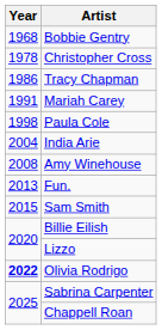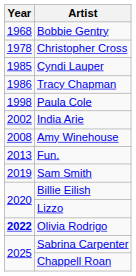 <table class="wikitable" style="text-align: center; cellpadding: 2;">
 <tr>
 <th>Year</th>
 <th>Artist</th>
 </tr>
 <tr>
 <td><a href='#'>1968</a></td>
 <td style="text-align: left;"><a href='#'>Bobbie Gentry</a></td>
 </tr>
 <tr>
 <td><a href='#'>1978</a></td>
 <td style="text-align: left;"><a href='#'>Christopher Cross</a></td>
 </tr>
 <tr>
+<td><a href='#'>1985</a></td>
+<td style="text-align: left;"><a href='#'>Cyndi Lauper</a></td>
+</tr>
+<tr>
 <td><a href='#'>1986</a></td>
 <td style="text-align: left;"><a href='#'>Tracy Chapman</a></td>
-</tr>
-<tr>
-<td><a href='#'>1991</a></td>
-<td style="text-align: left;"><a href='#'>Mariah Carey</a></td>
 </tr>
 <tr>
 <td><a href='#'>1998</a></td>
 <td style="text-align: left;"><a href='#'>Paula Cole</a></td>
 </tr>
 <tr>
-<td><a href='#'>2004</a></td>
+<td><a href='#'>2002</a></td>
 <td style="text-align: left;"><a href='#'>India Arie</a></td>
 </tr>
 <tr>
 <td><a href='#'>2008</a></td>
 <td style="text-align: left;"><a href='#'>Amy Winehouse</a></td>
 </tr>
 <tr>
 <td><a href='#'>2013</a></td>
 <td style="text-align: left;"><a href='#'>Fun.</a></td>
 </tr>
 <tr>
-<td><a href='#'>2015</a></td>
+<td><a href='#'>2019</a></td>
 <td style="text-align: left;"><a href='#'>Sam Smith</a></td>
 </tr>
 <tr>
 <td rowspan=2><a href='#'>2020</a></td>
 <td style="text-align: left;"><a href='#'>Billie Eilish</a></td>
 </tr>
 <tr>
 <td style="text-align: left;"><a href='#'>Lizzo</a></td>
 </tr>
 <tr>
 <td><strong><a href='#'>2022</a></strong></td>
 <td style="text-align: left;"><a href='#'>Olivia Rodrigo</a></td>
 </tr>
 <tr>
 <td rowspan=2><a href='#'>2025</a></td>
 <td style="text-align: left;"><a href='#'>Sabrina Carpenter</a></td>
 </tr>
 <tr>
 <td style="text-align: left;"><a href='#'>Chappell Roan</a></td>
 </tr>
 </table>
